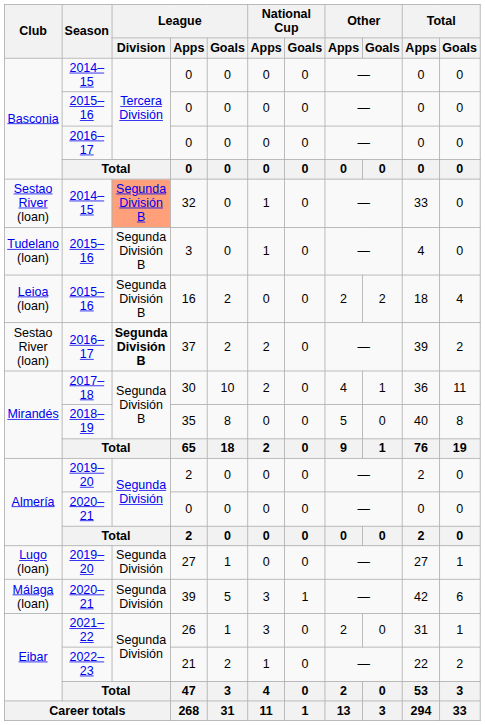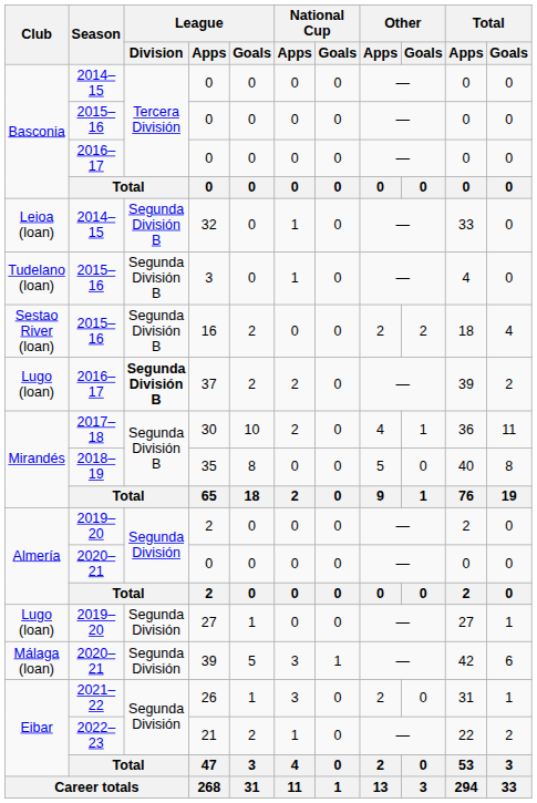 <table class="wikitable" style="text-align:center">
 <tr>
 <th rowspan="2">Club</th>
 <th rowspan="2">Season</th>
 <th colspan="3">League</th>
 <th colspan="2">National Cup</th>
 <th colspan="2">Other</th>
 <th colspan="2">Total</th>
 </tr>
 <tr>
 <th>Division</th>
 <th>Apps</th>
 <th>Goals</th>
 <th>Apps</th>
 <th>Goals</th>
 <th>Apps</th>
 <th>Goals</th>
 <th>Apps</th>
 <th>Goals</th>
 </tr>
 <tr>
 <td rowspan="4"><a href='#'>Basconia</a></td>
 <td><a href='#'>2014–15</a></td>
 <td rowspan="3"><a href='#'>Tercera División</a></td>
 <td>0</td>
 <td>0</td>
 <td>0</td>
 <td>0</td>
 <td colspan="2">—</td>
 <td>0</td>
 <td>0</td>
 </tr>
 <tr>
 <td><a href='#'>2015–16</a></td>
 <td>0</td>
 <td>0</td>
 <td>0</td>
 <td>0</td>
 <td colspan="2">—</td>
 <td>0</td>
 <td>0</td>
 </tr>
 <tr>
 <td><a href='#'>2016–17</a></td>
 <td>0</td>
 <td>0</td>
 <td>0</td>
 <td>0</td>
 <td colspan="2">—</td>
 <td>0</td>
 <td>0</td>
 </tr>
 <tr>
 <th colspan="2">Total</th>
 <th>0</th>
 <th>0</th>
 <th>0</th>
 <th>0</th>
 <th>0</th>
 <th>0</th>
 <th>0</th>
 <th>0</th>
 </tr>
 <tr>
-<td><a href='#'>Sestao River</a> (loan)</td>
+<td><a href='#'>Leioa</a> (loan)</td>
 <td><a href='#'>2014–15</a></td>
-<td style="background: lightsalmon;"><a href='#'>Segunda División B</a></td>
+<td><a href='#'>Segunda División B</a></td>
 <td>32</td>
 <td>0</td>
 <td>1</td>
 <td>0</td>
 <td colspan="2">—</td>
 <td>33</td>
 <td>0</td>
 </tr>
 <tr>
 <td><a href='#'>Tudelano</a> (loan)</td>
 <td><a href='#'>2015–16</a></td>
 <td>Segunda División B</td>
 <td>3</td>
 <td>0</td>
 <td>1</td>
 <td>0</td>
 <td colspan="2">—</td>
 <td>4</td>
 <td>0</td>
 </tr>
 <tr>
-<td><a href='#'>Leioa</a> (loan)</td>
+<td><a href='#'>Sestao River</a> (loan)</td>
 <td><a href='#'>2015–16</a></td>
 <td>Segunda División B</td>
 <td>16</td>
 <td>2</td>
 <td>0</td>
 <td>0</td>
 <td>2</td>
 <td>2</td>
 <td>18</td>
 <td>4</td>
 </tr>
 <tr>
-<td>Sestao River (loan)</td>
+<td><a href='#'>Lugo</a> (loan)</td>
 <td><a href='#'>2016–17</a></td>
 <td><strong>Segunda División B</strong></td>
 <td>37</td>
 <td>2</td>
 <td>2</td>
 <td>0</td>
 <td colspan="2">—</td>
 <td>39</td>
 <td>2</td>
 </tr>
 <tr>
 <td rowspan="3"><a href='#'>Mirandés</a></td>
 <td><a href='#'>2017–18</a></td>
 <td rowspan="2">Segunda División B</td>
 <td>30</td>
 <td>10</td>
 <td>2</td>
 <td>0</td>
 <td>4</td>
 <td>1</td>
 <td>36</td>
 <td>11</td>
 </tr>
 <tr>
 <td><a href='#'>2018–19</a></td>
 <td>35</td>
 <td>8</td>
 <td>0</td>
 <td>0</td>
 <td>5</td>
 <td>0</td>
 <td>40</td>
 <td>8</td>
 </tr>
 <tr>
 <th colspan="2">Total</th>
 <th>65</th>
 <th>18</th>
 <th>2</th>
 <th>0</th>
 <th>9</th>
 <th>1</th>
 <th>76</th>
 <th>19</th>
 </tr>
 <tr>
 <td rowspan="3"><a href='#'>Almería</a></td>
 <td><a href='#'>2019–20</a></td>
 <td rowspan="2"><a href='#'>Segunda División</a></td>
 <td>2</td>
 <td>0</td>
 <td>0</td>
 <td>0</td>
 <td colspan="2">—</td>
 <td>2</td>
 <td>0</td>
 </tr>
 <tr>
 <td><a href='#'>2020–21</a></td>
 <td>0</td>
 <td>0</td>
 <td>0</td>
 <td>0</td>
 <td colspan="2">—</td>
 <td>0</td>
 <td>0</td>
 </tr>
 <tr>
 <th colspan="2">Total</th>
 <th>2</th>
 <th>0</th>
 <th>0</th>
 <th>0</th>
 <th>0</th>
 <th>0</th>
 <th>2</th>
 <th>0</th>
 </tr>
 <tr>
 <td><a href='#'>Lugo</a> (loan)</td>
 <td><a href='#'>2019–20</a></td>
 <td>Segunda División</td>
 <td>27</td>
 <td>1</td>
 <td>0</td>
 <td>0</td>
 <td colspan="2">—</td>
 <td>27</td>
 <td>1</td>
 </tr>
 <tr>
 <td><a href='#'>Málaga</a> (loan)</td>
 <td><a href='#'>2020–21</a></td>
 <td>Segunda División</td>
 <td>39</td>
 <td>5</td>
 <td>3</td>
 <td>1</td>
 <td colspan="2">—</td>
 <td>42</td>
 <td>6</td>
 </tr>
 <tr>
 <td rowspan="3"><a href='#'>Eibar</a></td>
 <td><a href='#'>2021–22</a></td>
 <td rowspan="2">Segunda División</td>
 <td>26</td>
 <td>1</td>
 <td>3</td>
 <td>0</td>
 <td>2</td>
 <td>0</td>
 <td>31</td>
 <td>1</td>
 </tr>
 <tr>
 <td><a href='#'>2022–23</a></td>
 <td>21</td>
 <td>2</td>
 <td>1</td>
 <td>0</td>
 <td colspan="2">—</td>
 <td>22</td>
 <td>2</td>
 </tr>
 <tr>
 <th colspan="2">Total</th>
 <th>47</th>
 <th>3</th>
 <th>4</th>
 <th>0</th>
 <th>2</th>
 <th>0</th>
 <th>53</th>
 <th>3</th>
 </tr>
 <tr>
 <th colspan="3">Career totals</th>
 <th>268</th>
 <th>31</th>
 <th>11</th>
 <th>1</th>
 <th>13</th>
 <th>3</th>
 <th>294</th>
 <th>33</th>
 </tr>
 </table>
